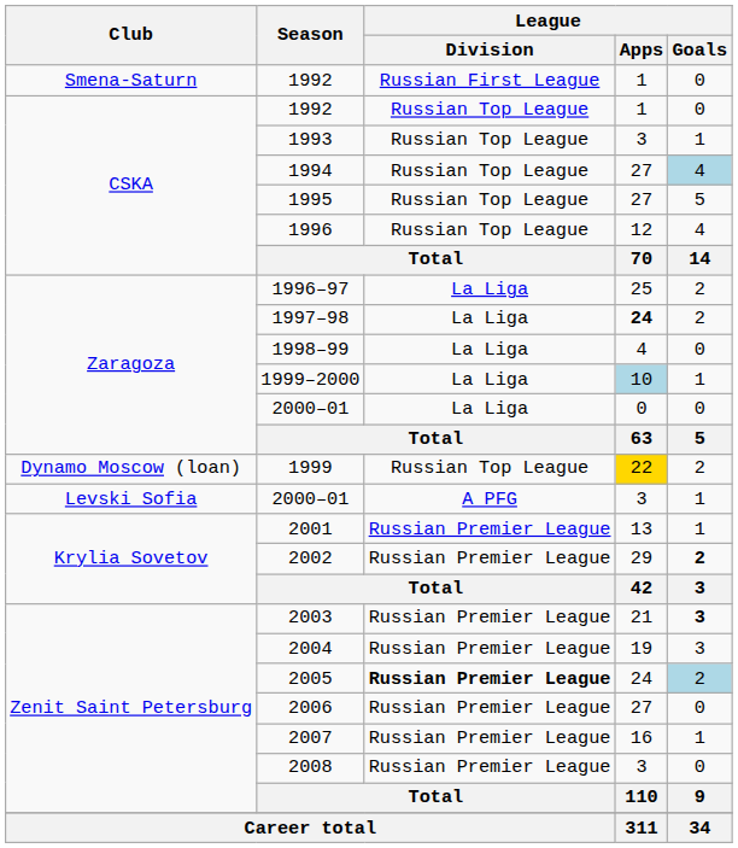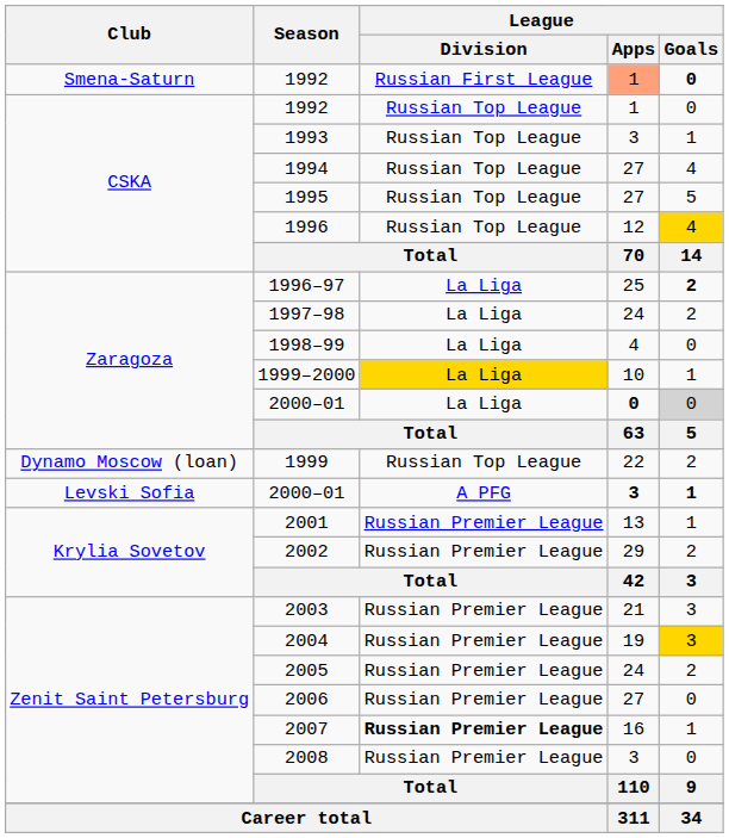 <table class="wikitable" style="text-align:center">
 <tr>
 <th rowspan="2">Club</th>
 <th rowspan="2">Season</th>
 <th colspan="3">League</th>
 </tr>
 <tr>
 <th>Division</th>
 <th>Apps</th>
 <th>Goals</th>
 </tr>
 <tr>
 <td><a href='#'>Smena-Saturn</a></td>
 <td>1992</td>
 <td><a href='#'>Russian First League</a></td>
-<td>1</td>
-<td>0</td>
+<td style="background: lightsalmon;">1</td>
+<td><strong>0</strong></td>
 </tr>
 <tr>
 <td rowspan="6"><a href='#'>CSKA</a></td>
 <td>1992</td>
 <td><a href='#'>Russian Top League</a></td>
 <td>1</td>
 <td>0</td>
 </tr>
 <tr>
 <td>1993</td>
 <td>Russian Top League</td>
 <td>3</td>
 <td>1</td>
 </tr>
 <tr>
 <td>1994</td>
 <td>Russian Top League</td>
 <td>27</td>
-<td style="background: lightblue;">4</td>
+<td>4</td>
 </tr>
 <tr>
 <td>1995</td>
 <td>Russian Top League</td>
 <td>27</td>
 <td>5</td>
 </tr>
 <tr>
 <td>1996</td>
 <td>Russian Top League</td>
 <td>12</td>
-<td>4</td>
+<td style="background: gold;">4</td>
 </tr>
 <tr>
 <th colspan="2">Total</th>
 <th>70</th>
 <th>14</th>
 </tr>
 <tr>
 <td rowspan="6"><a href='#'>Zaragoza</a></td>
 <td>1996–97</td>
 <td><a href='#'>La Liga</a></td>
 <td>25</td>
-<td>2</td>
+<td><strong>2</strong></td>
 </tr>
 <tr>
 <td>1997–98</td>
 <td>La Liga</td>
-<td><strong>24</strong></td>
+<td>24</td>
 <td>2</td>
 </tr>
 <tr>
 <td>1998–99</td>
 <td>La Liga</td>
 <td>4</td>
 <td>0</td>
 </tr>
 <tr>
 <td>1999–2000</td>
-<td>La Liga</td>
-<td style="background: lightblue;">10</td>
+<td style="background: gold;">La Liga</td>
+<td>10</td>
 <td>1</td>
 </tr>
 <tr>
 <td>2000–01</td>
 <td>La Liga</td>
-<td>0</td>
-<td>0</td>
+<td><strong>0</strong></td>
+<td style="background: lightgrey;">0</td>
 </tr>
 <tr>
 <th colspan="2">Total</th>
 <th>63</th>
 <th>5</th>
 </tr>
 <tr>
 <td><a href='#'>Dynamo Moscow</a> (loan)</td>
 <td>1999</td>
 <td>Russian Top League</td>
-<td style="background: gold;">22</td>
+<td>22</td>
 <td>2</td>
 </tr>
 <tr>
 <td><a href='#'>Levski Sofia</a></td>
 <td>2000–01</td>
 <td><a href='#'>A PFG</a></td>
-<td>3</td>
-<td>1</td>
+<td><strong>3</strong></td>
+<td><strong>1</strong></td>
 </tr>
 <tr>
 <td rowspan="3"><a href='#'>Krylia Sovetov</a></td>
 <td>2001</td>
 <td><a href='#'>Russian Premier League</a></td>
 <td>13</td>
 <td>1</td>
 </tr>
 <tr>
 <td>2002</td>
 <td>Russian Premier League</td>
 <td>29</td>
-<td><strong>2</strong></td>
+<td>2</td>
 </tr>
 <tr>
 <th colspan="2">Total</th>
 <th>42</th>
 <th>3</th>
 </tr>
 <tr>
 <td rowspan="7"><a href='#'>Zenit Saint Petersburg</a></td>
 <td>2003</td>
 <td>Russian Premier League</td>
 <td>21</td>
-<td><strong>3</strong></td>
+<td>3</td>
 </tr>
 <tr>
 <td>2004</td>
 <td>Russian Premier League</td>
 <td>19</td>
-<td>3</td>
+<td style="background: gold;">3</td>
 </tr>
 <tr>
 <td>2005</td>
-<td><strong>Russian Premier League</strong></td>
+<td>Russian Premier League</td>
 <td>24</td>
-<td style="background: lightblue;">2</td>
+<td>2</td>
 </tr>
 <tr>
 <td>2006</td>
 <td>Russian Premier League</td>
 <td>27</td>
 <td>0</td>
 </tr>
 <tr>
 <td>2007</td>
-<td>Russian Premier League</td>
+<td><strong>Russian Premier League</strong></td>
 <td>16</td>
 <td>1</td>
 </tr>
 <tr>
 <td>2008</td>
 <td>Russian Premier League</td>
 <td>3</td>
 <td>0</td>
 </tr>
 <tr>
 <th colspan="2">Total</th>
 <th>110</th>
 <th>9</th>
 </tr>
 <tr>
 </tr>
 <tr>
 <th colspan="3">Career total</th>
 <th>311</th>
 <th>34</th>
 </tr>
 </table>
